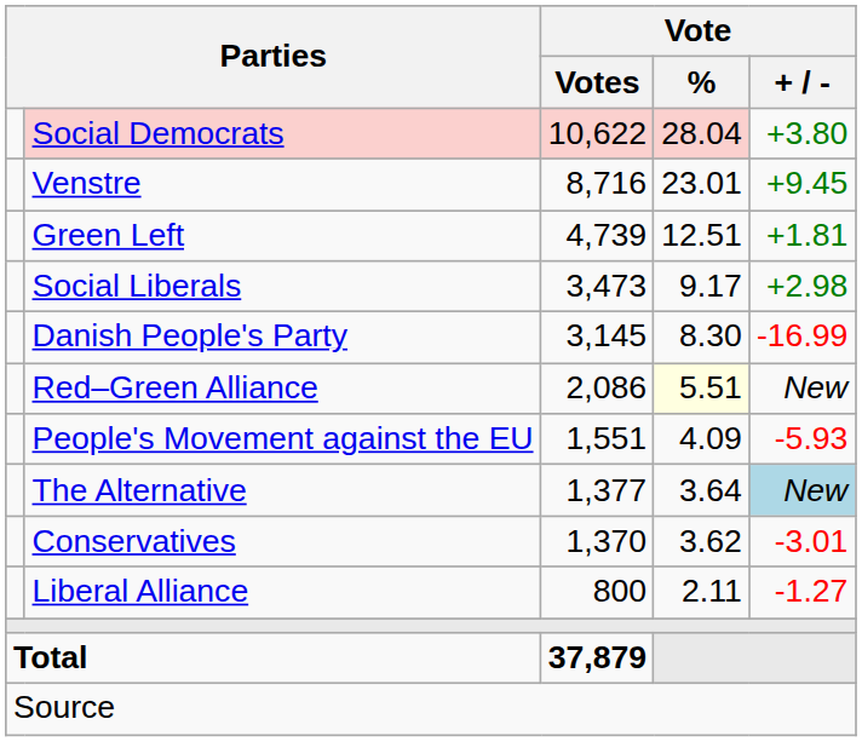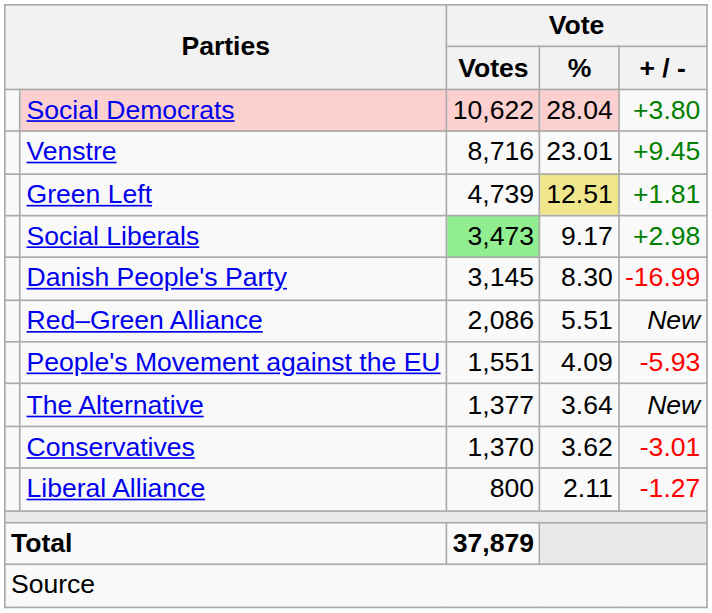 <table class="wikitable" style="text-align:right;">
 <tr>
 <th style="text-align:centre;" rowspan="2" colspan="2" width="225">Parties</th>
 <th colspan="3">Vote</th>
 </tr>
 <tr>
 <th width="15">Votes</th>
 <th width="15">%</th>
 <th width="15">+ / -</th>
 </tr>
 <tr>
 <td width="2" style="color:inherit;background:"></td>
 <td bgcolor=#fbd0ce   align="left"><a href='#'>Social Democrats</a></td>
 <td bgcolor=#fbd0ce>10,622</td>
 <td bgcolor=#fbd0ce>28.04</td>
 <td style=color:green;>+3.80</td>
 </tr>
 <tr>
 <td width="2" style="color:inherit;background:"></td>
 <td align="left"><a href='#'>Venstre</a></td>
 <td>8,716</td>
 <td>23.01</td>
 <td style=color:green;>+9.45</td>
 </tr>
 <tr>
 <td width="2" style="color:inherit;background:"></td>
 <td align="left"><a href='#'>Green Left</a></td>
 <td>4,739</td>
-<td>12.51</td>
+<td style="background: khaki;">12.51</td>
 <td style=color:green;>+1.81</td>
 </tr>
 <tr>
 <td width="2" style="color:inherit;background:"></td>
 <td align="left"><a href='#'>Social Liberals</a></td>
-<td>3,473</td>
+<td style="background: lightgreen;">3,473</td>
 <td>9.17</td>
 <td style=color:green;>+2.98</td>
 </tr>
 <tr>
 <td width="2" style="color:inherit;background:"></td>
 <td align="left"><a href='#'>Danish People's Party</a></td>
 <td>3,145</td>
 <td>8.30</td>
 <td style=color:red;>-16.99</td>
 </tr>
 <tr>
 <td width="2" style="color:inherit;background:"></td>
 <td align="left"><a href='#'>Red–Green Alliance</a></td>
 <td>2,086</td>
-<td style="background: lightyellow;">5.51</td>
+<td>5.51</td>
 <td><em>New</em></td>
 </tr>
 <tr>
 <td width="2" style="color:inherit;background:"></td>
 <td align="left"><a href='#'>People's Movement against the EU</a></td>
 <td>1,551</td>
 <td>4.09</td>
 <td style=color:red;>-5.93</td>
 </tr>
 <tr>
 <td width="2" style="color:inherit;background:"></td>
 <td align="left"><a href='#'>The Alternative</a></td>
 <td>1,377</td>
 <td>3.64</td>
-<td style="background: lightblue;"><em>New</em></td>
+<td><em>New</em></td>
 </tr>
 <tr>
 <td width="2" style="color:inherit;background:"></td>
 <td align="left"><a href='#'>Conservatives</a></td>
 <td>1,370</td>
 <td>3.62</td>
 <td style=color:red;>-3.01</td>
 </tr>
 <tr>
 <td width="2" style="color:inherit;background:"></td>
 <td align="left"><a href='#'>Liberal Alliance</a></td>
 <td>800</td>
 <td>2.11</td>
 <td style=color:red;>-1.27</td>
 </tr>
 <tr>
 <td colspan="7" bgcolor="#E9E9E9"></td>
 </tr>
 <tr>
 <td align="left" colspan="2"><strong>Total</strong></td>
 <td><strong>37,879</strong></td>
 <td bgcolor="#E9E9E9" colspan="2"></td>
 </tr>
 <tr>
 <td align="left" colspan="6">Source</td>
 </tr>
 </table>
